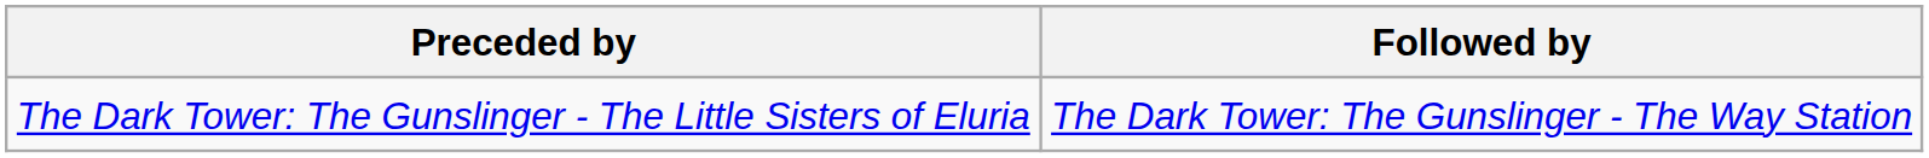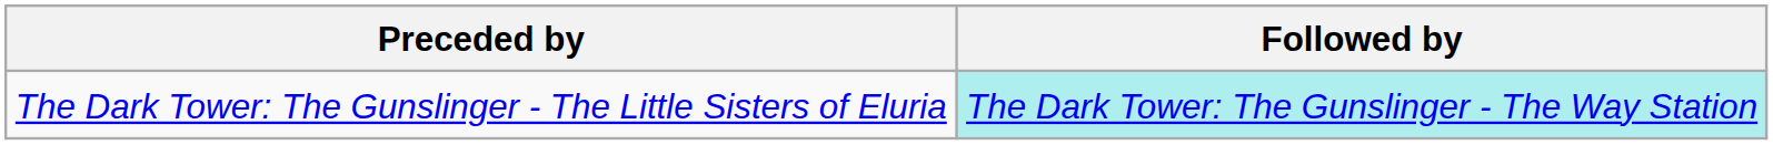 <table class="wikitable">
 <tr>
 <th><small><strong>Preceded by</strong></small></th>
 <th><small><strong>Followed by</strong></small></th>
 </tr>
 <tr>
 <td><small><em><a href='#'>The Dark Tower: The Gunslinger - The Little Sisters of Eluria</a></em></small></td>
-<td><small><em><a href='#'>The Dark Tower: The Gunslinger - The Way Station</a></em></small></td>
+<td style="background: paleturquoise;"><small><em><a href='#'>The Dark Tower: The Gunslinger - The Way Station</a></em></small></td>
 </tr>
 </table>
